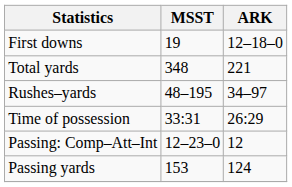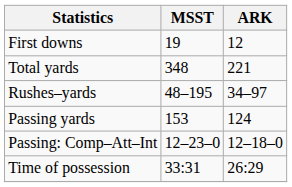 <table class="wikitable" style="float: left;">
 <tr>
 <th>Statistics</th>
 <th>MSST</th>
 <th>ARK</th>
 </tr>
 <tr>
 <td>First downs</td>
 <td>19</td>
-<td>12–18–0</td>
+<td>12</td>
 </tr>
 <tr>
 <td>Total yards</td>
 <td>348</td>
 <td>221</td>
 </tr>
 <tr>
 <td>Rushes–yards</td>
 <td>48–195</td>
 <td>34–97</td>
 </tr>
 <tr>
+<td>Passing yards</td>
+<td>153</td>
+<td>124</td>
+</tr>
+<tr>
+<td>Passing: Comp–Att–Int</td>
+<td>12–23–0</td>
+<td>12–18–0</td>
+</tr>
+<tr>
 <td>Time of possession</td>
 <td>33:31</td>
 <td>26:29</td>
 </tr>
 <tr>
-<td>Passing: Comp–Att–Int</td>
-<td>12–23–0</td>
-<td>12</td>
-</tr>
-<tr>
-<td>Passing yards</td>
-<td>153</td>
-<td>124</td>
-</tr>
-<tr>
 </tr>
 </table>
